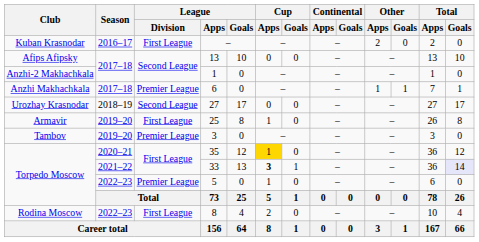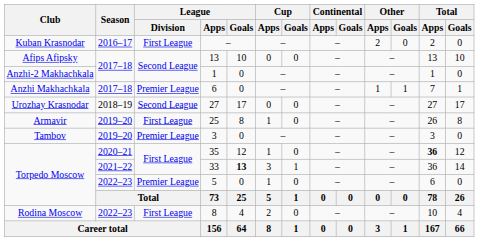 <table class="wikitable" style="text-align: center;">
 <tr>
 <th rowspan=2>Club</th>
 <th rowspan=2>Season</th>
 <th colspan=3>League</th>
 <th colspan=2>Cup</th>
 <th colspan=2>Continental</th>
 <th colspan=2>Other</th>
 <th colspan=2>Total</th>
 </tr>
 <tr>
 <th>Division</th>
 <th>Apps</th>
 <th>Goals</th>
 <th>Apps</th>
 <th>Goals</th>
 <th>Apps</th>
 <th>Goals</th>
 <th>Apps</th>
 <th>Goals</th>
 <th>Apps</th>
 <th>Goals</th>
 </tr>
 <tr>
 <td><a href='#'>Kuban Krasnodar</a></td>
 <td><a href='#'>2016–17</a></td>
 <td><a href='#'>First League</a></td>
 <td colspan=2>–</td>
 <td colspan=2>–</td>
 <td colspan=2>–</td>
 <td>2</td>
 <td>0</td>
 <td>2</td>
 <td>0</td>
 </tr>
 <tr>
 <td><a href='#'>Afips Afipsky</a></td>
 <td rowspan=2><a href='#'>2017–18</a></td>
 <td rowspan=2><a href='#'>Second League</a></td>
 <td>13</td>
 <td>10</td>
 <td>0</td>
 <td>0</td>
 <td colspan=2>–</td>
 <td colspan=2>–</td>
 <td>13</td>
 <td>10</td>
 </tr>
 <tr>
 <td><a href='#'>Anzhi-2 Makhachkala</a></td>
 <td>1</td>
 <td>0</td>
 <td colspan=2>–</td>
 <td colspan=2>–</td>
 <td colspan=2>–</td>
 <td>1</td>
 <td>0</td>
 </tr>
 <tr>
 <td><a href='#'>Anzhi Makhachkala</a></td>
 <td><a href='#'>2017–18</a></td>
 <td><a href='#'>Premier League</a></td>
 <td>6</td>
 <td>0</td>
 <td colspan=2>–</td>
 <td colspan=2>–</td>
 <td>1</td>
 <td>1</td>
 <td>7</td>
 <td>1</td>
 </tr>
 <tr>
 <td><a href='#'>Urozhay Krasnodar</a></td>
 <td>2018–19</td>
 <td><a href='#'>Second League</a></td>
 <td>27</td>
 <td>17</td>
 <td>0</td>
 <td>0</td>
 <td colspan=2>–</td>
 <td colspan=2>–</td>
 <td>27</td>
 <td>17</td>
 </tr>
 <tr>
 <td><a href='#'>Armavir</a></td>
 <td><a href='#'>2019–20</a></td>
 <td><a href='#'>First League</a></td>
 <td>25</td>
 <td>8</td>
 <td>1</td>
 <td>0</td>
 <td colspan=2>–</td>
 <td colspan=2>–</td>
 <td>26</td>
 <td>8</td>
 </tr>
 <tr>
 <td><a href='#'>Tambov</a></td>
 <td><a href='#'>2019–20</a></td>
 <td><a href='#'>Premier League</a></td>
 <td>3</td>
 <td>0</td>
 <td colspan=2>–</td>
 <td colspan=2>–</td>
 <td colspan=2>–</td>
 <td>3</td>
 <td>0</td>
 </tr>
 <tr>
 <td rowspan="4"><a href='#'>Torpedo Moscow</a></td>
 <td><a href='#'>2020–21</a></td>
 <td rowspan="2"><a href='#'>First League</a></td>
 <td>35</td>
 <td>12</td>
-<td style="background: gold;">1</td>
+<td>1</td>
 <td>0</td>
 <td colspan=2>–</td>
 <td colspan=2>–</td>
-<td>36</td>
+<td><strong>36</strong></td>
 <td>12</td>
 </tr>
 <tr>
 <td><a href='#'>2021–22</a></td>
 <td>33</td>
-<td>13</td>
-<td><strong>3</strong></td>
+<td><strong>13</strong></td>
+<td>3</td>
 <td>1</td>
 <td colspan=2>–</td>
 <td colspan=2>–</td>
 <td>36</td>
-<td style="background: lavender;">14</td>
+<td>14</td>
 </tr>
 <tr>
 <td><a href='#'>2022–23</a></td>
 <td><a href='#'>Premier League</a></td>
 <td>5</td>
 <td>0</td>
 <td>1</td>
 <td>0</td>
 <td colspan=2>–</td>
 <td colspan=2>–</td>
 <td>6</td>
 <td>0</td>
 </tr>
 <tr>
 <th colspan=2>Total</th>
 <th>73</th>
 <th>25</th>
 <th>5</th>
 <th>1</th>
 <th>0</th>
 <th>0</th>
 <th>0</th>
 <th>0</th>
 <th>78</th>
 <th>26</th>
 </tr>
 <tr>
 <td><a href='#'>Rodina Moscow</a></td>
 <td><a href='#'>2022–23</a></td>
 <td><a href='#'>First League</a></td>
 <td>8</td>
 <td>4</td>
 <td>2</td>
 <td>0</td>
 <td colspan=2>–</td>
 <td colspan=2>–</td>
 <td>10</td>
 <td>4</td>
 </tr>
 <tr>
 <th colspan=3>Career total</th>
 <th>156</th>
 <th>64</th>
 <th>8</th>
 <th>1</th>
 <th>0</th>
 <th>0</th>
 <th>3</th>
 <th>1</th>
 <th>167</th>
 <th>66</th>
 </tr>
 </table>
